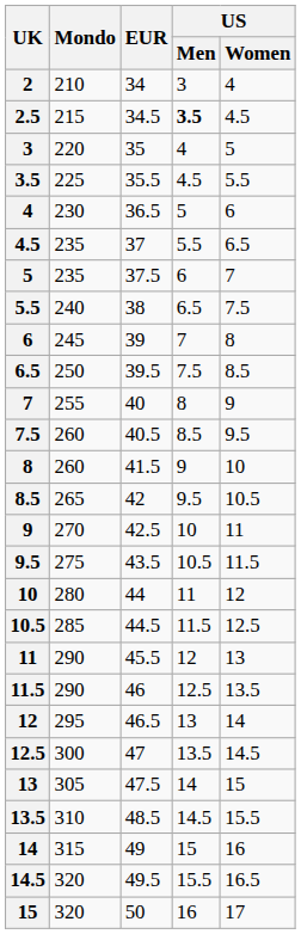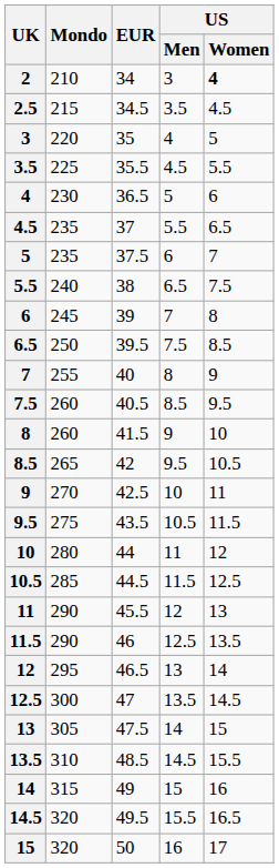 <table class="wikitable">
 <tr>
 <th rowspan=2>UK</th>
 <th rowspan=2>Mondo</th>
 <th rowspan=2>EUR</th>
 <th colspan=2>US</th>
 </tr>
 <tr>
 <th>Men</th>
 <th>Women</th>
 </tr>
 <tr>
 <th>2</th>
 <td>210</td>
 <td>34</td>
 <td>3</td>
-<td>4</td>
+<td><strong>4</strong></td>
 </tr>
 <tr>
 <th>2.5</th>
 <td>215</td>
 <td>34.5</td>
-<td><strong>3.5</strong></td>
+<td>3.5</td>
 <td>4.5</td>
 </tr>
 <tr>
 <th>3</th>
 <td>220</td>
 <td>35</td>
 <td>4</td>
 <td>5</td>
 </tr>
 <tr>
 <th>3.5</th>
 <td>225</td>
 <td>35.5</td>
 <td>4.5</td>
 <td>5.5</td>
 </tr>
 <tr>
 <th>4</th>
 <td>230</td>
 <td>36.5</td>
 <td>5</td>
 <td>6</td>
 </tr>
 <tr>
 <th>4.5</th>
 <td>235</td>
 <td>37</td>
 <td>5.5</td>
 <td>6.5</td>
 </tr>
 <tr>
 <th>5</th>
 <td>235</td>
 <td>37.5</td>
 <td>6</td>
 <td>7</td>
 </tr>
 <tr>
 <th>5.5</th>
 <td>240</td>
 <td>38</td>
 <td>6.5</td>
 <td>7.5</td>
 </tr>
 <tr>
 <th>6</th>
 <td>245</td>
 <td>39</td>
 <td>7</td>
 <td>8</td>
 </tr>
 <tr>
 <th>6.5</th>
 <td>250</td>
 <td>39.5</td>
 <td>7.5</td>
 <td>8.5</td>
 </tr>
 <tr>
 <th>7</th>
 <td>255</td>
 <td>40</td>
 <td>8</td>
 <td>9</td>
 </tr>
 <tr>
 <th>7.5</th>
 <td>260</td>
 <td>40.5</td>
 <td>8.5</td>
 <td>9.5</td>
 </tr>
 <tr>
 <th>8</th>
 <td>260</td>
 <td>41.5</td>
 <td>9</td>
 <td>10</td>
 </tr>
 <tr>
 <th>8.5</th>
 <td>265</td>
 <td>42</td>
 <td>9.5</td>
 <td>10.5</td>
 </tr>
 <tr>
 <th>9</th>
 <td>270</td>
 <td>42.5</td>
 <td>10</td>
 <td>11</td>
 </tr>
 <tr>
 <th>9.5</th>
 <td>275</td>
 <td>43.5</td>
 <td>10.5</td>
 <td>11.5</td>
 </tr>
 <tr>
 <th>10</th>
 <td>280</td>
 <td>44</td>
 <td>11</td>
 <td>12</td>
 </tr>
 <tr>
 <th>10.5</th>
 <td>285</td>
 <td>44.5</td>
 <td>11.5</td>
 <td>12.5</td>
 </tr>
 <tr>
 <th>11</th>
 <td>290</td>
 <td>45.5</td>
 <td>12</td>
 <td>13</td>
 </tr>
 <tr>
 <th>11.5</th>
 <td>290</td>
 <td>46</td>
 <td>12.5</td>
 <td>13.5</td>
 </tr>
 <tr>
 <th>12</th>
 <td>295</td>
 <td>46.5</td>
 <td>13</td>
 <td>14</td>
 </tr>
 <tr>
 <th>12.5</th>
 <td>300</td>
 <td>47</td>
 <td>13.5</td>
 <td>14.5</td>
 </tr>
 <tr>
 <th>13</th>
 <td>305</td>
 <td>47.5</td>
 <td>14</td>
 <td>15</td>
 </tr>
 <tr>
 <th>13.5</th>
 <td>310</td>
 <td>48.5</td>
 <td>14.5</td>
 <td>15.5</td>
 </tr>
 <tr>
 <th>14</th>
 <td>315</td>
 <td>49</td>
 <td>15</td>
 <td>16</td>
 </tr>
 <tr>
 <th>14.5</th>
 <td>320</td>
 <td>49.5</td>
 <td>15.5</td>
 <td>16.5</td>
 </tr>
 <tr>
 <th>15</th>
 <td>320</td>
 <td>50</td>
 <td>16</td>
 <td>17</td>
 </tr>
 </table>
